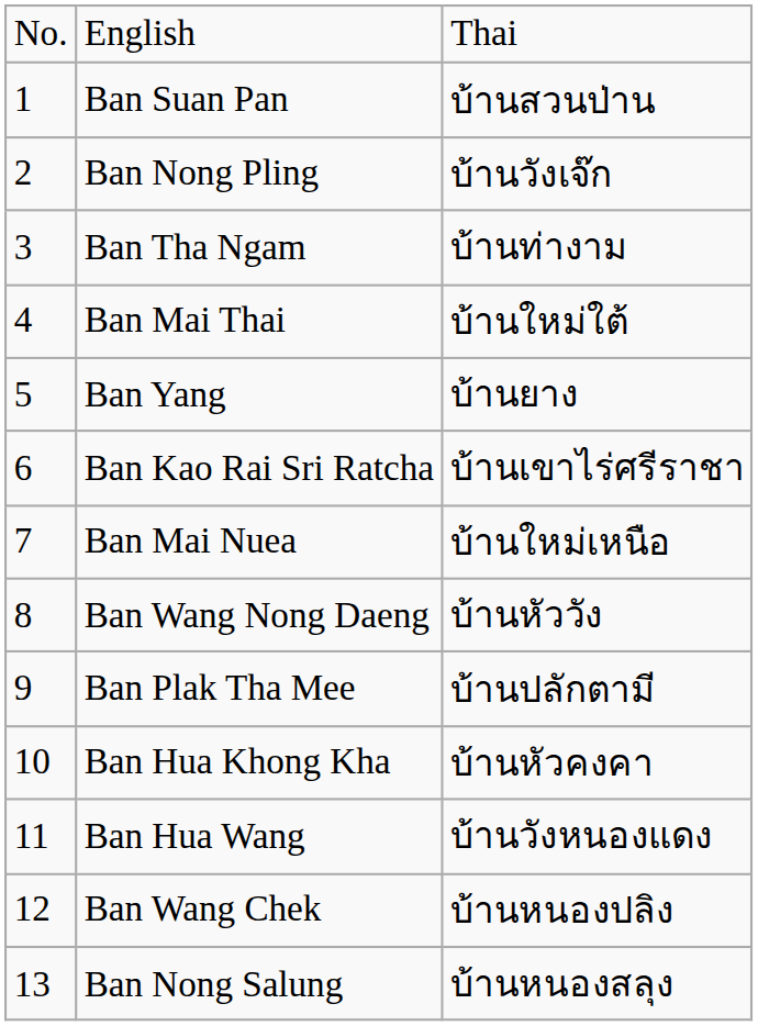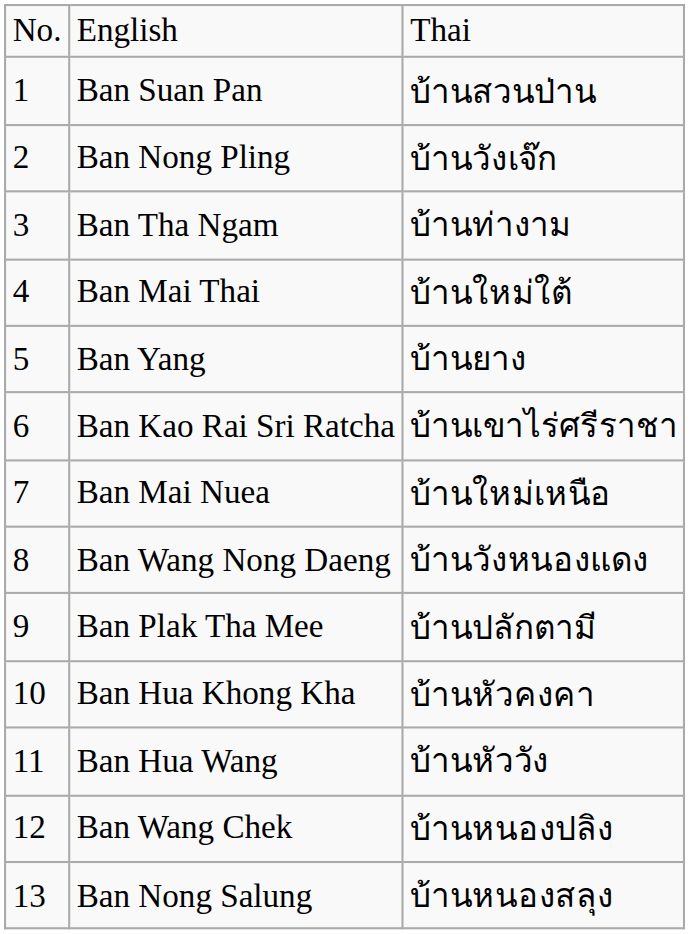 <table class="wikitable">
 <tr>
 <td>No.</td>
 <td>English</td>
 <td>Thai</td>
 </tr>
 <tr>
 <td>1</td>
 <td>Ban Suan Pan</td>
 <td>บ้านสวนป่าน</td>
 </tr>
 <tr>
 <td>2</td>
 <td>Ban Nong Pling</td>
 <td>บ้านวังเจ๊ก</td>
 </tr>
 <tr>
 <td>3</td>
 <td>Ban Tha Ngam</td>
 <td>บ้านท่างาม</td>
 </tr>
 <tr>
 <td>4</td>
 <td>Ban Mai Thai</td>
 <td>บ้านใหม่ใต้</td>
 </tr>
 <tr>
 <td>5</td>
 <td>Ban Yang</td>
 <td>บ้านยาง</td>
 </tr>
 <tr>
 <td>6</td>
 <td>Ban Kao Rai Sri Ratcha</td>
 <td>บ้านเขาไร่ศรีราชา</td>
 </tr>
 <tr>
 <td>7</td>
 <td>Ban Mai Nuea</td>
 <td>บ้านใหม่เหนือ</td>
 </tr>
 <tr>
 <td>8</td>
 <td>Ban Wang Nong Daeng</td>
-<td>บ้านหัววัง</td>
+<td>บ้านวังหนองแดง</td>
 </tr>
 <tr>
 <td>9</td>
 <td>Ban Plak Tha Mee</td>
 <td>บ้านปลักตามี</td>
 </tr>
 <tr>
 <td>10</td>
 <td>Ban Hua Khong Kha</td>
 <td>บ้านหัวคงคา</td>
 </tr>
 <tr>
 <td>11</td>
 <td>Ban Hua Wang</td>
-<td>บ้านวังหนองแดง</td>
+<td>บ้านหัววัง</td>
 </tr>
 <tr>
 <td>12</td>
 <td>Ban Wang Chek</td>
 <td>บ้านหนองปลิง</td>
 </tr>
 <tr>
 <td>13</td>
 <td>Ban Nong Salung</td>
 <td>บ้านหนองสลุง</td>
 </tr>
 </table>
